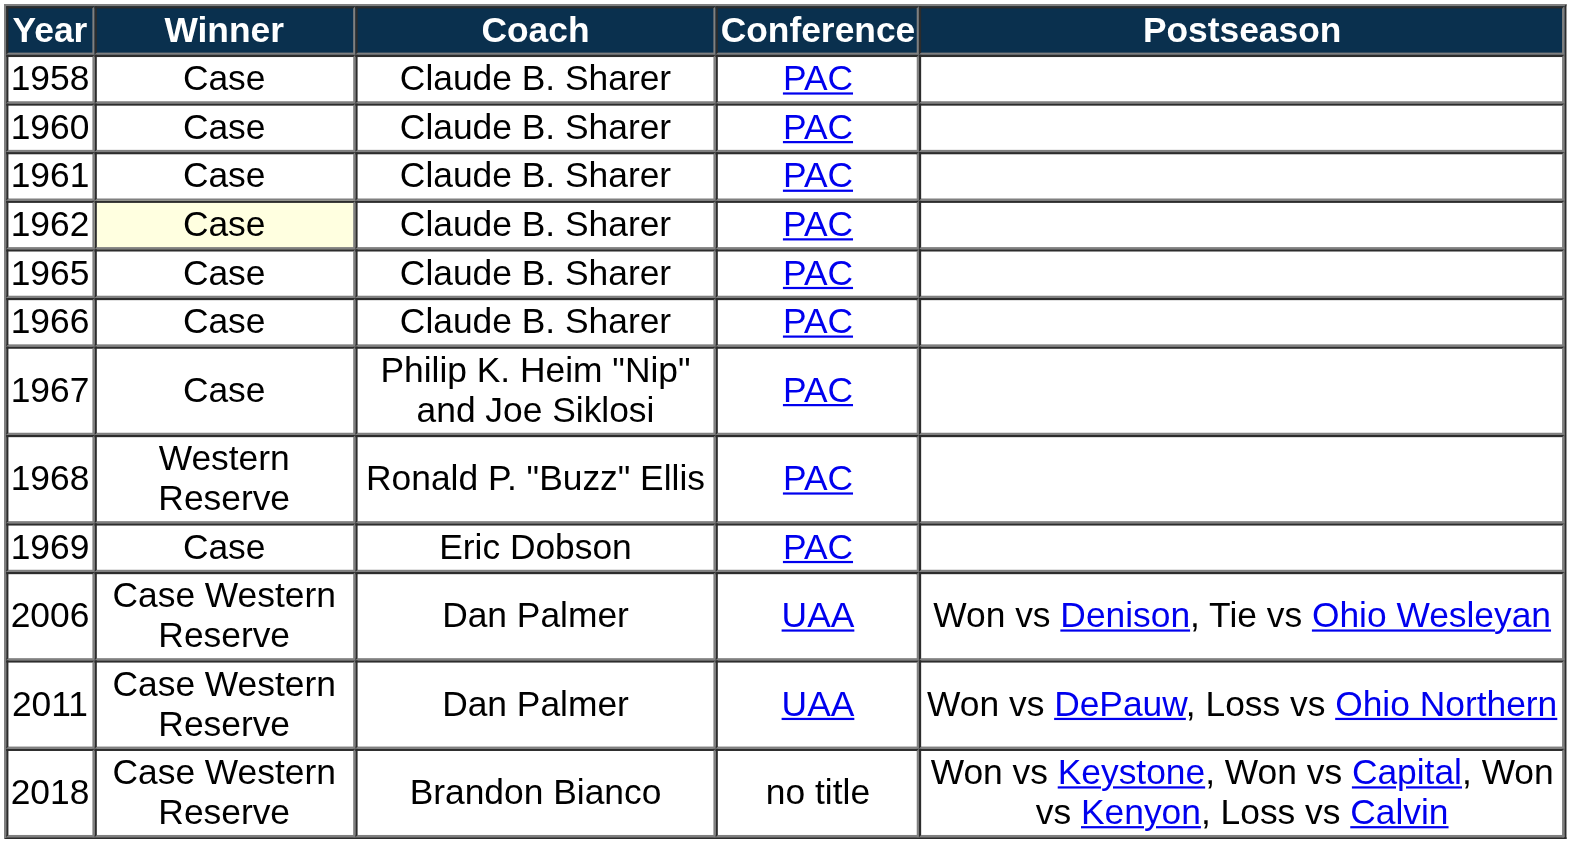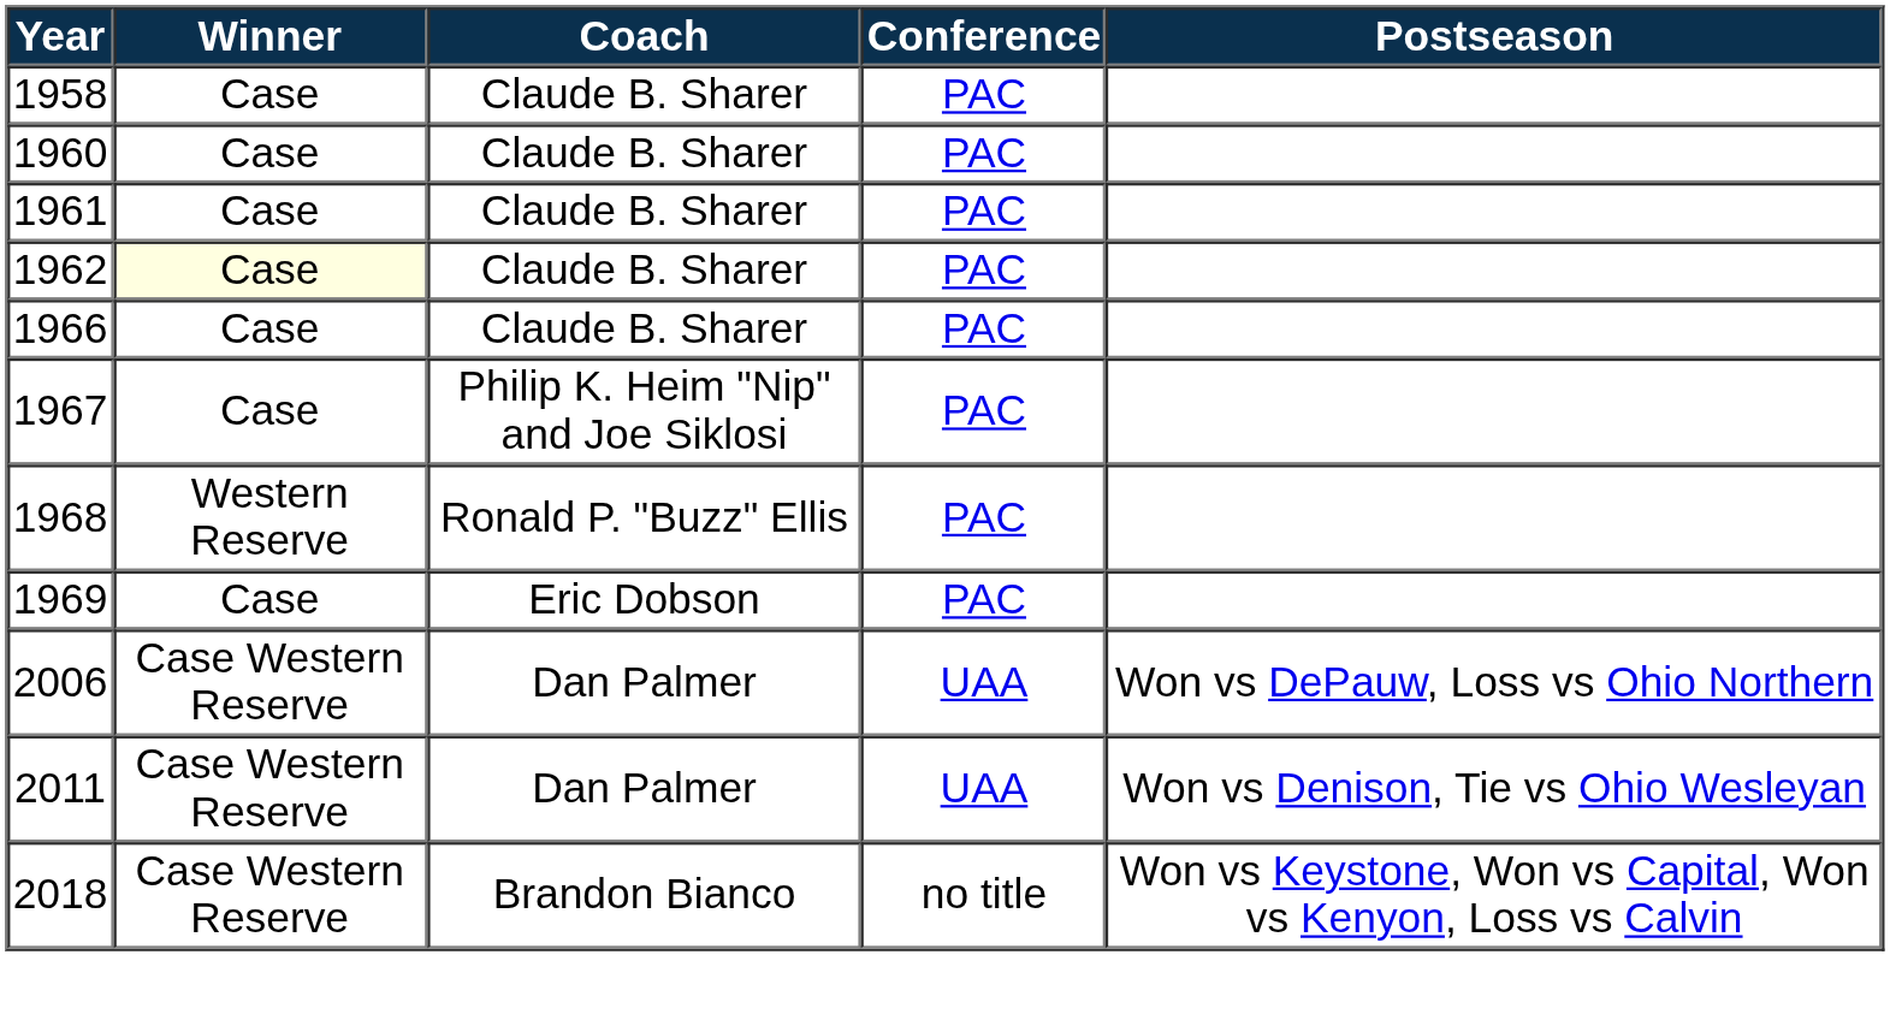 <table bcellpadding="1" border="1" cellspacing="0" style="width:80%;"valign="top">
 <tr>
 <th - style="background:#0A304E; color:white">Year</th>
 <th - style="background:#0A304E; color:white">Winner</th>
 <th - style="background:#0A304E; color:white">Coach</th>
 <th - style="background:#0A304E; color:white">Conference</th>
 <th - style="background:#0A304E; color:white">Postseason</th>
 </tr>
 <tr style="text-align:center;">
 <td>1958</td>
 <td>Case</td>
 <td>Claude B. Sharer</td>
 <td><a href='#'>PAC</a></td>
 <td></td>
 </tr>
 <tr style="text-align:center;">
 <td>1960</td>
 <td>Case</td>
 <td>Claude B. Sharer</td>
 <td><a href='#'>PAC</a></td>
 <td></td>
 </tr>
 <tr style="text-align:center;">
 <td>1961</td>
 <td>Case</td>
 <td>Claude B. Sharer</td>
 <td><a href='#'>PAC</a></td>
 <td></td>
 </tr>
 <tr style="text-align:center;">
 <td>1962</td>
 <td style="background: lightyellow;">Case</td>
 <td>Claude B. Sharer</td>
 <td><a href='#'>PAC</a></td>
 <td></td>
 </tr>
 <tr style="text-align:center;">
-<td>1965</td>
-<td>Case</td>
-<td>Claude B. Sharer</td>
-<td><a href='#'>PAC</a></td>
-<td></td>
-</tr>
-<tr style="text-align:center;">
 <td>1966</td>
 <td>Case</td>
 <td>Claude B. Sharer</td>
 <td><a href='#'>PAC</a></td>
 <td></td>
 </tr>
 <tr style="text-align:center;">
 <td>1967</td>
 <td>Case</td>
 <td>Philip K. Heim "Nip" and Joe Siklosi</td>
 <td><a href='#'>PAC</a></td>
 <td></td>
 </tr>
 <tr style="text-align:center;">
 <td>1968</td>
 <td>Western Reserve</td>
 <td>Ronald P. "Buzz" Ellis</td>
 <td><a href='#'>PAC</a></td>
 <td></td>
 </tr>
 <tr style="text-align:center;">
 <td>1969</td>
 <td>Case</td>
 <td>Eric Dobson</td>
 <td><a href='#'>PAC</a></td>
 <td></td>
 </tr>
 <tr style="text-align:center;">
 <td>2006</td>
 <td>Case Western Reserve</td>
 <td>Dan Palmer</td>
 <td><a href='#'>UAA</a></td>
-<td>Won vs <a href='#'>Denison</a>, Tie vs <a href='#'>Ohio Wesleyan</a></td>
+<td>Won vs <a href='#'>DePauw</a>, Loss vs <a href='#'>Ohio Northern</a></td>
 </tr>
 <tr style="text-align:center;">
 <td>2011</td>
 <td>Case Western Reserve</td>
 <td>Dan Palmer</td>
 <td><a href='#'>UAA</a></td>
-<td>Won vs <a href='#'>DePauw</a>, Loss vs <a href='#'>Ohio Northern</a></td>
+<td>Won vs <a href='#'>Denison</a>, Tie vs <a href='#'>Ohio Wesleyan</a></td>
 </tr>
 <tr style="text-align:center;">
 <td>2018</td>
 <td>Case Western Reserve</td>
 <td>Brandon Bianco</td>
 <td>no title</td>
 <td>Won vs <a href='#'>Keystone</a>, Won vs <a href='#'>Capital</a>, Won vs <a href='#'>Kenyon</a>, Loss vs <a href='#'>Calvin</a></td>
 </tr>
 <tr style="text-align:center;">
 </tr>
 </table>
